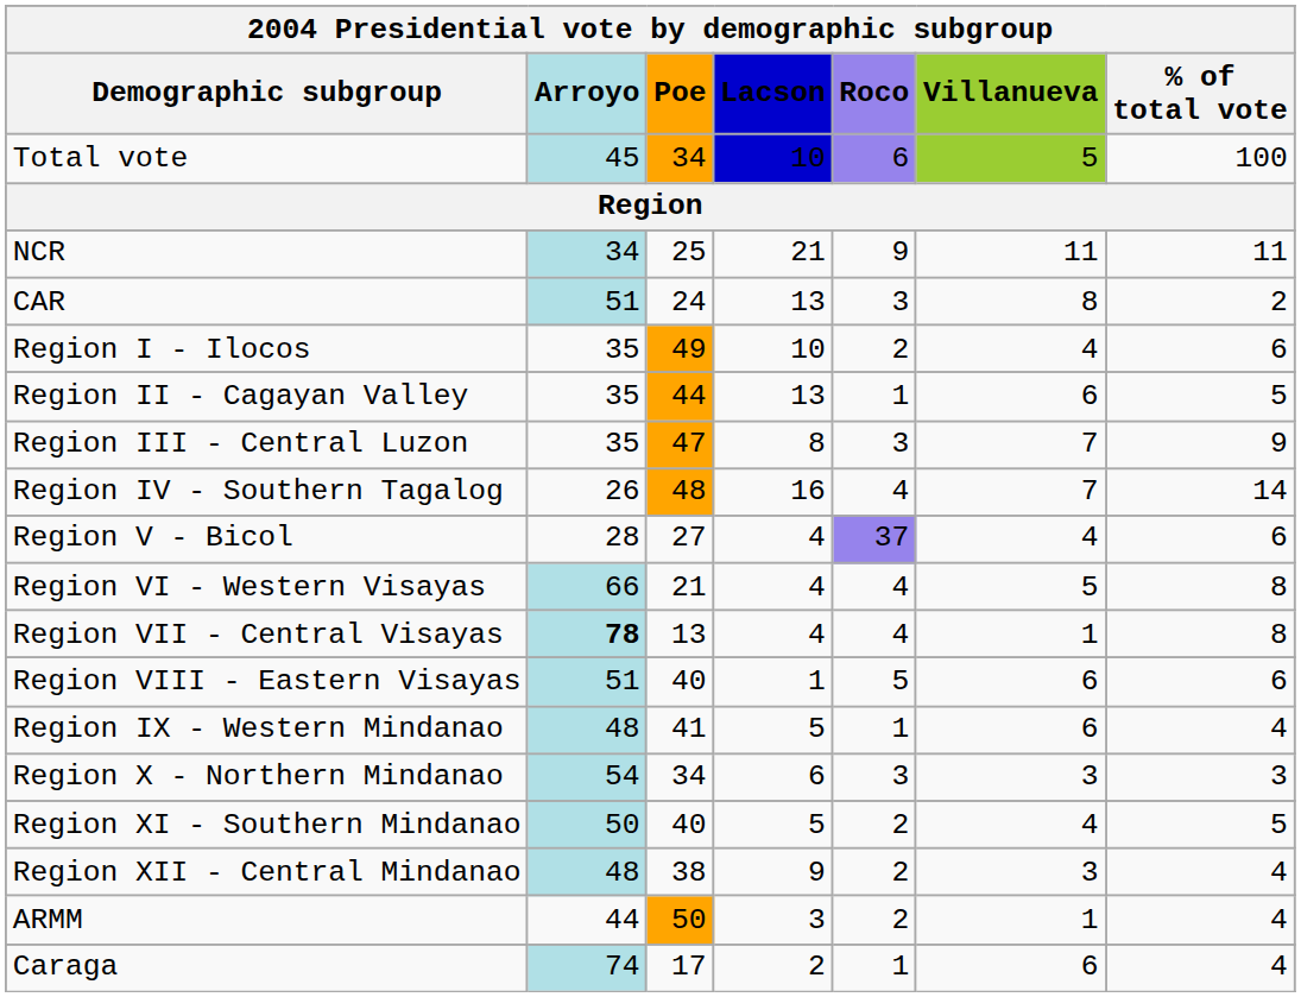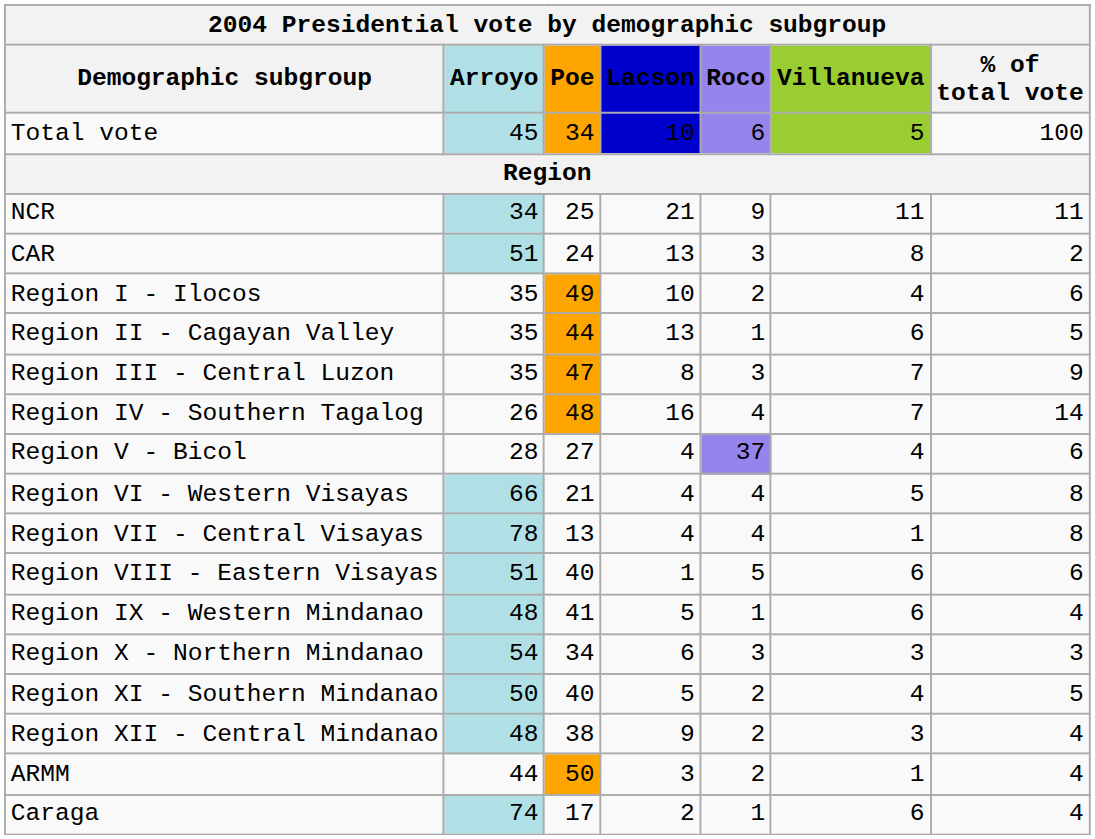 <table class=wikitable>
 <tr>
 <th colspan="10">2004 Presidential vote by demographic subgroup</th>
 </tr>
 <tr>
 <th>Demographic subgroup</th>
 <th style="width: 10px; background: #B0E0E6">Arroyo</th>
 <th style="width: 10px; background: #ffa500;">Poe</th>
 <th style="width: 10px; background: #0000CD;"><span>Lacson</span></th>
 <th style="width: 10px; background: #9683ec;">Roco</th>
 <th style="width: 10px; background: #9ACD32;">Villanueva</th>
 <th>% of<br>total vote</th>
 </tr>
 <tr>
 <td>Total vote</td>
 <td style="text-align:right; background: #B0E0E6;">45</td>
 <td style="text-align:right; background: #ffa500;">34</td>
 <td style="text-align:right; background: #0000CD;"><span>10</span></td>
 <td style="text-align:right; background: #9683ec;">6</td>
 <td style="text-align:right; background: #9ACD32;">5</td>
 <td style="text-align:right;">100</td>
 </tr>
 <tr>
 <th colspan=8>Region</th>
 </tr>
 <tr>
 <td>NCR</td>
 <td style="text-align:right; background: #B0E0E6;">34</td>
 <td style="text-align:right; background: #white;">25</td>
 <td style="text-align:right; background: #white;">21</td>
 <td style="text-align:right; background: #white;">9</td>
 <td style="text-align:right; background: #white;">11</td>
 <td style="text-align:right;">11</td>
 </tr>
 <tr>
 <td>CAR</td>
 <td style="text-align:right; background: #B0E0E6;">51</td>
 <td style="text-align:right; background: #white;">24</td>
 <td style="text-align:right; background: #white;">13</td>
 <td style="text-align:right; background: #white;">3</td>
 <td style="text-align:right; background: #white;">8</td>
 <td style="text-align:right;">2</td>
 </tr>
 <tr>
 <td>Region I - Ilocos</td>
 <td style="text-align:right; background: #white;">35</td>
 <td style="text-align:right; background:#ffa500;">49</td>
 <td style="text-align:right; background: #white;">10</td>
 <td style="text-align:right; background: #white;">2</td>
 <td style="text-align:right; background: #white;">4</td>
 <td style="text-align:right;">6</td>
 </tr>
 <tr>
 <td>Region II - Cagayan Valley</td>
 <td style="text-align:right; background: #white;">35</td>
 <td style="text-align:right; background:#ffa500;">44</td>
 <td style="text-align:right; background: #white;">13</td>
 <td style="text-align:right; background: #white;">1</td>
 <td style="text-align:right; background: #white;">6</td>
 <td style="text-align:right;">5</td>
 </tr>
 <tr>
 <td>Region III - Central Luzon</td>
 <td style="text-align:right; background: #white;">35</td>
 <td style="text-align:right; background:#ffa500;">47</td>
 <td style="text-align:right; background: #white;">8</td>
 <td style="text-align:right; background: #white;">3</td>
 <td style="text-align:right; background: #white;">7</td>
 <td style="text-align:right;">9</td>
 </tr>
 <tr>
 <td>Region IV - Southern Tagalog</td>
 <td style="text-align:right; background: #white;">26</td>
 <td style="text-align:right; background: #ffa500;">48</td>
 <td style="text-align:right; background: #white;">16</td>
 <td style="text-align:right; background: #white;">4</td>
 <td style="text-align:right; background: #white;">7</td>
 <td style="text-align:right;">14</td>
 </tr>
 <tr>
 <td>Region V - Bicol</td>
 <td style="text-align:right; background: #white;">28</td>
 <td style="text-align:right; background: #white;">27</td>
 <td style="text-align:right; background: #white;">4</td>
 <td style="text-align:right; background: #9683ec;">37</td>
 <td style="text-align:right; background: #white;">4</td>
 <td style="text-align:right;">6</td>
 </tr>
 <tr>
 <td>Region VI - Western Visayas</td>
 <td style="text-align:right; background: #B0E0E6;">66</td>
 <td style="text-align:right; background: #white;">21</td>
 <td style="text-align:right; background: #white;">4</td>
 <td style="text-align:right; background: #white;">4</td>
 <td style="text-align:right; background: #white;">5</td>
 <td style="text-align:right;">8</td>
 </tr>
 <tr>
 <td>Region VII - Central Visayas</td>
-<td style="text-align:right; background: #B0E0E6;"><strong>78</strong></td>
+<td style="text-align:right; background: #B0E0E6;">78</td>
 <td style="text-align:right; background: #white;">13</td>
 <td style="text-align:right; background: #white;">4</td>
 <td style="text-align:right; background: #white;">4</td>
 <td style="text-align:right; background: #white;">1</td>
 <td style="text-align:right;">8</td>
 </tr>
 <tr>
 <td>Region VIII - Eastern Visayas</td>
 <td style="text-align:right; background: #B0E0E6;">51</td>
 <td style="text-align:right; background: #white;">40</td>
 <td style="text-align:right; background: #white;">1</td>
 <td style="text-align:right; background: #white;">5</td>
 <td style="text-align:right; background: #white;">6</td>
 <td style="text-align:right;">6</td>
 </tr>
 <tr>
 <td>Region IX - Western Mindanao</td>
 <td style="text-align:right; background: #B0E0E6;">48</td>
 <td style="text-align:right; background: #white;">41</td>
 <td style="text-align:right; background: #white;">5</td>
 <td style="text-align:right; background: #white;">1</td>
 <td style="text-align:right; background: #white;">6</td>
 <td style="text-align:right;">4</td>
 </tr>
 <tr>
 <td>Region X - Northern Mindanao</td>
 <td style="text-align:right; background: #B0E0E6;">54</td>
 <td style="text-align:right; background: #white;">34</td>
 <td style="text-align:right; background: #white;">6</td>
 <td style="text-align:right; background: #white;">3</td>
 <td style="text-align:right; background: #white;">3</td>
 <td style="text-align:right;">3</td>
 </tr>
 <tr>
 <td>Region XI - Southern Mindanao</td>
 <td style="text-align:right; background: #B0E0E6;">50</td>
 <td style="text-align:right; background: #white;">40</td>
 <td style="text-align:right; background: #white;">5</td>
 <td style="text-align:right; background: #white;">2</td>
 <td style="text-align:right; background: #white;">4</td>
 <td style="text-align:right;">5</td>
 </tr>
 <tr>
 <td>Region XII - Central Mindanao</td>
 <td style="text-align:right; background: #B0E0E6;">48</td>
 <td style="text-align:right; background: #white;">38</td>
 <td style="text-align:right; background: #white;">9</td>
 <td style="text-align:right; background: #white;">2</td>
 <td style="text-align:right; background: #white;">3</td>
 <td style="text-align:right;">4</td>
 </tr>
 <tr>
 <td>ARMM</td>
 <td style="text-align:right; background: #white;">44</td>
 <td style="text-align:right; background: #ffa500;">50</td>
 <td style="text-align:right; background: #white;">3</td>
 <td style="text-align:right; background: #white;">2</td>
 <td style="text-align:right; background: #white;">1</td>
 <td style="text-align:right;">4</td>
 </tr>
 <tr>
 <td>Caraga</td>
 <td style="text-align:right; background: #B0E0E6;">74</td>
 <td style="text-align:right; background: #white;">17</td>
 <td style="text-align:right; background: #white;">2</td>
 <td style="text-align:right; background: #white;">1</td>
 <td style="text-align:right; background: #white;">6</td>
 <td style="text-align:right;">4</td>
 </tr>
 </table>
